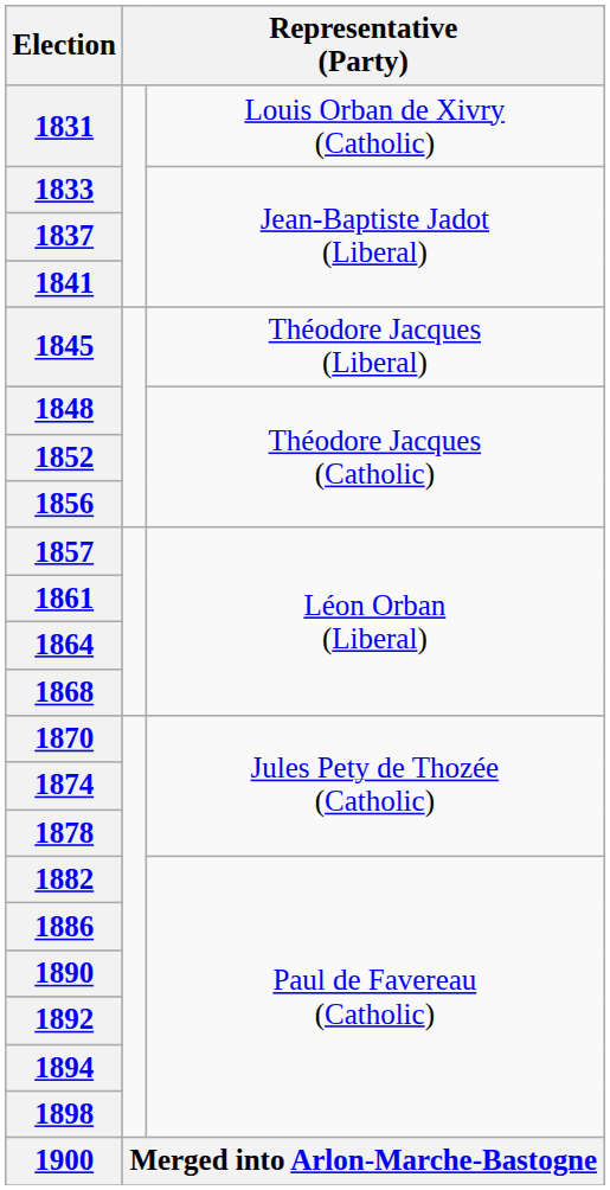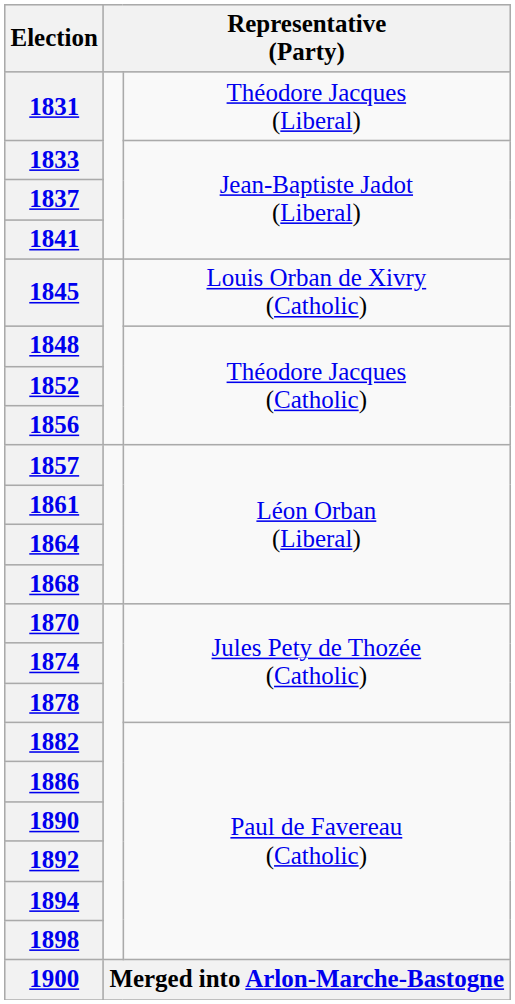 <table class="wikitable" style="text-align:center">
 <tr>
 <th>Election</th>
 <th colspan=2>Representative<br>(Party)</th>
 </tr>
 <tr>
 <th><a href='#'>1831</a></th>
 <td rowspan=4; style="background-color: "></td>
-<td rowspan=1><a href='#'>Louis Orban de Xivry</a><br>(<a href='#'>Catholic</a>)</td>
+<td rowspan=1><a href='#'>Théodore Jacques</a><br>(<a href='#'>Liberal</a>)</td>
 </tr>
 <tr>
 <th><a href='#'>1833</a></th>
 <td rowspan=3><a href='#'>Jean-Baptiste Jadot</a><br>(<a href='#'>Liberal</a>)</td>
 </tr>
 <tr>
 <th><a href='#'>1837</a></th>
 </tr>
 <tr>
 <th><a href='#'>1841</a></th>
 </tr>
 <tr>
 <th><a href='#'>1845</a></th>
 <td rowspan=4; style="background-color: "></td>
-<td rowspan=1><a href='#'>Théodore Jacques</a><br>(<a href='#'>Liberal</a>)</td>
+<td rowspan=1><a href='#'>Louis Orban de Xivry</a><br>(<a href='#'>Catholic</a>)</td>
 </tr>
 <tr>
 <th><a href='#'>1848</a></th>
 <td rowspan=3><a href='#'>Théodore Jacques</a><br>(<a href='#'>Catholic</a>)</td>
 </tr>
 <tr>
 <th><a href='#'>1852</a></th>
 </tr>
 <tr>
 <th><a href='#'>1856</a></th>
 </tr>
 <tr>
 <th><a href='#'>1857</a></th>
 <td rowspan=4; style="background-color: "></td>
 <td rowspan=4><a href='#'>Léon Orban</a><br>(<a href='#'>Liberal</a>)</td>
 </tr>
 <tr>
 <th><a href='#'>1861</a></th>
 </tr>
 <tr>
 <th><a href='#'>1864</a></th>
 </tr>
 <tr>
 <th><a href='#'>1868</a></th>
 </tr>
 <tr>
 <th><a href='#'>1870</a></th>
 <td rowspan=9; style="background-color: "></td>
 <td rowspan=3><a href='#'>Jules Pety de Thozée</a><br>(<a href='#'>Catholic</a>)</td>
 </tr>
 <tr>
 <th><a href='#'>1874</a></th>
 </tr>
 <tr>
 <th><a href='#'>1878</a></th>
 </tr>
 <tr>
 <th><a href='#'>1882</a></th>
 <td rowspan=6><a href='#'>Paul de Favereau</a><br>(<a href='#'>Catholic</a>)</td>
 </tr>
 <tr>
 <th><a href='#'>1886</a></th>
 </tr>
 <tr>
 <th><a href='#'>1890</a></th>
 </tr>
 <tr>
 <th><a href='#'>1892</a></th>
 </tr>
 <tr>
 <th><a href='#'>1894</a></th>
 </tr>
 <tr>
 <th><a href='#'>1898</a></th>
 </tr>
 <tr>
 <th><a href='#'>1900</a></th>
 <th colspan=2>Merged into <a href='#'>Arlon-Marche-Bastogne</a></th>
 </tr>
 </table>
